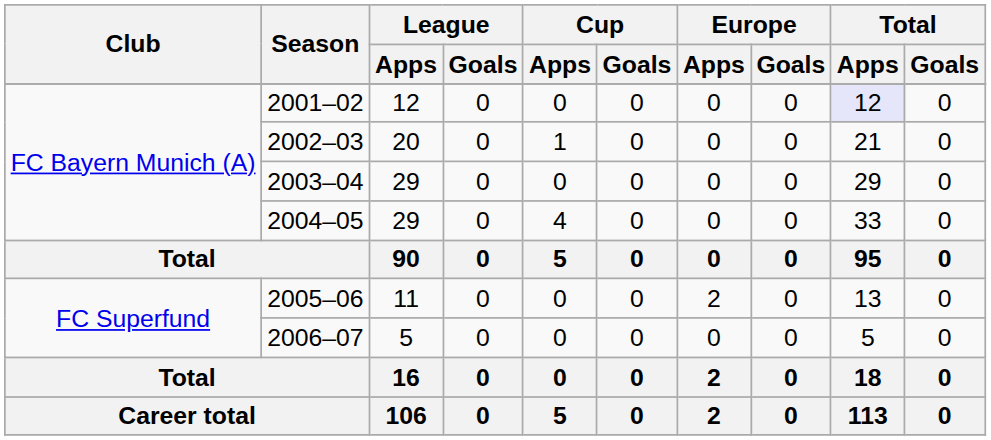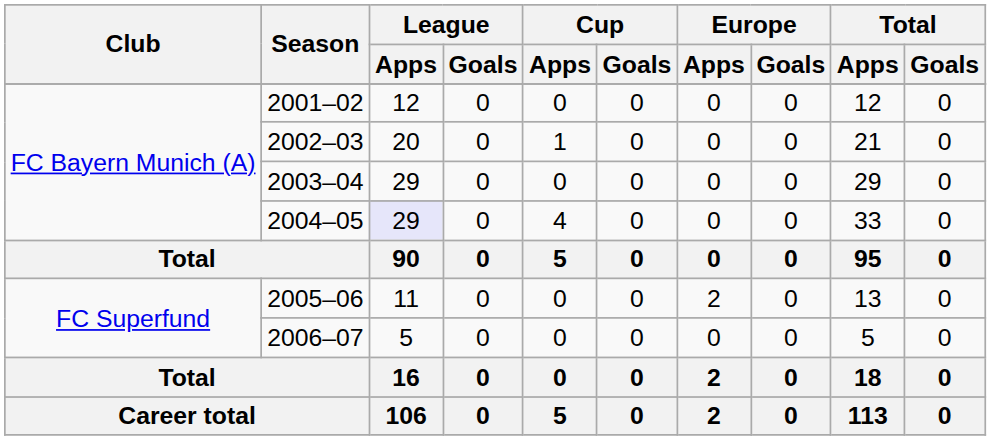 <table class="wikitable" style="font-size:90%; text-align: center;">
 <tr>
 <th rowspan="2">Club</th>
 <th rowspan="2">Season</th>
 <th colspan="2">League</th>
 <th colspan="2">Cup</th>
 <th colspan="2">Europe</th>
 <th colspan="2">Total</th>
 </tr>
 <tr>
 <th>Apps</th>
 <th>Goals</th>
 <th>Apps</th>
 <th>Goals</th>
 <th>Apps</th>
 <th>Goals</th>
 <th>Apps</th>
 <th>Goals</th>
 </tr>
 <tr>
 </tr>
 <tr>
 <td rowspan="4" valign="center"><a href='#'>FC Bayern Munich (A)</a></td>
 <td>2001–02</td>
 <td>12</td>
 <td>0</td>
 <td>0</td>
 <td>0</td>
 <td>0</td>
 <td>0</td>
-<td style="background: lavender;">12</td>
+<td>12</td>
 <td>0</td>
 </tr>
 <tr>
 <td>2002–03</td>
 <td>20</td>
 <td>0</td>
 <td>1</td>
 <td>0</td>
 <td>0</td>
 <td>0</td>
 <td>21</td>
 <td>0</td>
 </tr>
 <tr>
 <td>2003–04</td>
 <td>29</td>
 <td>0</td>
 <td>0</td>
 <td>0</td>
 <td>0</td>
 <td>0</td>
 <td>29</td>
 <td>0</td>
 </tr>
 <tr>
 <td>2004–05</td>
-<td>29</td>
+<td style="background: lavender;">29</td>
 <td>0</td>
 <td>4</td>
 <td>0</td>
 <td>0</td>
 <td>0</td>
 <td>33</td>
 <td>0</td>
 </tr>
 <tr>
 <th colspan="2">Total</th>
 <th>90</th>
 <th>0</th>
 <th>5</th>
 <th>0</th>
 <th>0</th>
 <th>0</th>
 <th>95</th>
 <th>0</th>
 </tr>
 <tr>
 <td rowspan="2" valign="center"><a href='#'>FC Superfund</a></td>
 <td>2005–06</td>
 <td>11</td>
 <td>0</td>
 <td>0</td>
 <td>0</td>
 <td>2</td>
 <td>0</td>
 <td>13</td>
 <td>0</td>
 </tr>
 <tr>
 <td>2006–07</td>
 <td>5</td>
 <td>0</td>
 <td>0</td>
 <td>0</td>
 <td>0</td>
 <td>0</td>
 <td>5</td>
 <td>0</td>
 </tr>
 <tr>
 <th colspan="2">Total</th>
 <th>16</th>
 <th>0</th>
 <th>0</th>
 <th>0</th>
 <th>2</th>
 <th>0</th>
 <th>18</th>
 <th>0</th>
 </tr>
 <tr>
 <th colspan="2">Career total</th>
 <th>106</th>
 <th>0</th>
 <th>5</th>
 <th>0</th>
 <th>2</th>
 <th>0</th>
 <th>113</th>
 <th>0</th>
 </tr>
 </table>
